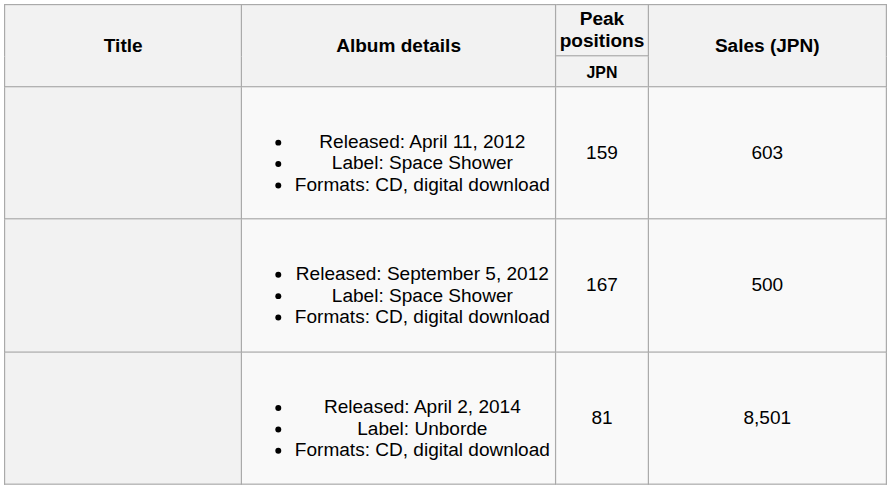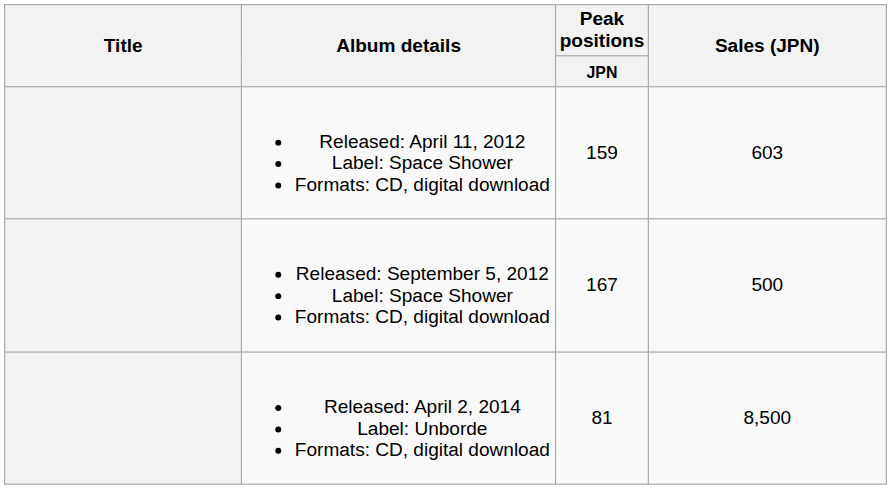 <table class="wikitable plainrowheaders" style="text-align:center;">
 <tr>
 <th style="width:12em;" rowspan="2">Title</th>
 <th style="width:16em;" rowspan="2">Album details</th>
 <th colspan="1">Peak positions</th>
 <th style="width:12em;" rowspan="2">Sales (JPN)</th>
 </tr>
 <tr>
 <th style="width:2.5em;"><small>JPN</small><br></th>
 </tr>
 <tr>
 <th scope="row"></th>
 <td><br><ul><li>Released: April 11, 2012 </li><li>Label: Space Shower</li><li>Formats: CD, digital download</li></ul></td>
 <td>159</td>
 <td>603</td>
 </tr>
 <tr>
 <th scope="row"></th>
 <td><br><ul><li>Released: September 5, 2012 </li><li>Label: Space Shower</li><li>Formats: CD, digital download</li></ul></td>
 <td>167</td>
 <td>500</td>
 </tr>
 <tr>
 <th scope="row"></th>
 <td><br><ul><li>Released: April 2, 2014 </li><li>Label: Unborde</li><li>Formats: CD, digital download</li></ul></td>
 <td>81</td>
-<td>8,501</td>
+<td>8,500</td>
 </tr>
 </table>
